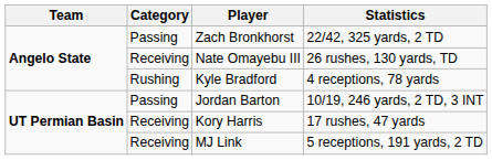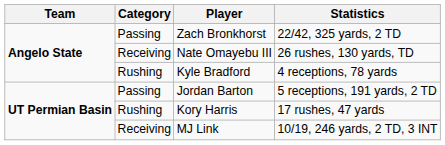 <table class="wikitable" style="float: right;">
 <tr>
 <th>Team</th>
 <th>Category</th>
 <th>Player</th>
 <th>Statistics</th>
 </tr>
 <tr>
 <td rowspan=3><strong>Angelo State</strong></td>
 <td>Passing</td>
 <td>Zach Bronkhorst</td>
 <td>22/42, 325 yards, 2 TD</td>
 </tr>
 <tr>
 <td>Receiving</td>
 <td>Nate Omayebu III</td>
 <td>26 rushes, 130 yards, TD</td>
 </tr>
 <tr>
 <td>Rushing</td>
 <td>Kyle Bradford</td>
 <td>4 receptions, 78 yards</td>
 </tr>
 <tr>
 <td rowspan=3><strong>UT Permian Basin</strong></td>
 <td>Passing</td>
 <td>Jordan Barton</td>
-<td>10/19, 246 yards, 2 TD, 3 INT</td>
+<td>5 receptions, 191 yards, 2 TD</td>
 </tr>
 <tr>
-<td>Receiving</td>
+<td>Rushing</td>
 <td>Kory Harris</td>
 <td>17 rushes, 47 yards</td>
 </tr>
 <tr>
 <td>Receiving</td>
 <td>MJ Link</td>
-<td>5 receptions, 191 yards, 2 TD</td>
+<td>10/19, 246 yards, 2 TD, 3 INT</td>
 </tr>
 </table>
